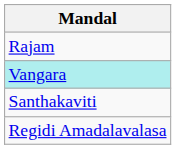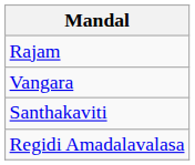 <table class="wikitable sortable static-row-numbers static-row-header-hash">
 <tr>
 <th>Mandal</th>
 </tr>
 <tr>
 <td><a href='#'>Rajam</a></td>
 </tr>
 <tr>
-<td style="background: paleturquoise;"><a href='#'>Vangara</a></td>
+<td><a href='#'>Vangara</a></td>
 </tr>
 <tr>
 <td><a href='#'>Santhakaviti</a></td>
 </tr>
 <tr>
 <td><a href='#'>Regidi Amadalavalasa</a></td>
 </tr>
 </table>
